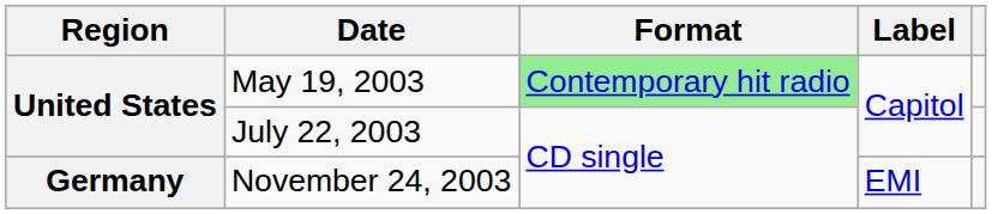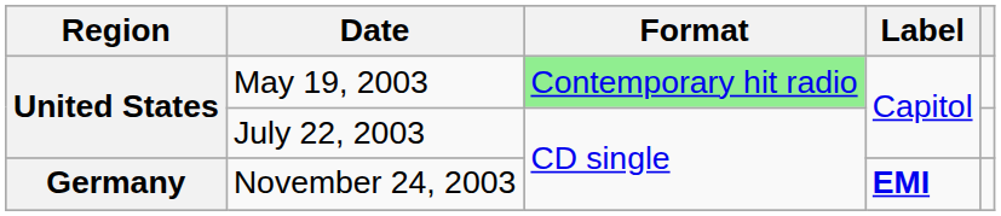 <table class="wikitable plainrowheaders">
 <tr>
 <th scope="col">Region</th>
 <th scope="col">Date</th>
 <th scope="col">Format</th>
 <th scope="col">Label</th>
 <th scope="col"></th>
 </tr>
 <tr>
 <th scope="row" rowspan="2">United States</th>
 <td>May 19, 2003</td>
 <td style="background: lightgreen;"><a href='#'>Contemporary hit radio</a></td>
 <td rowspan="2"><a href='#'>Capitol</a></td>
 <td></td>
 </tr>
 <tr>
 <td>July 22, 2003</td>
 <td rowspan="2"><a href='#'>CD single</a></td>
 <td></td>
 </tr>
 <tr>
 <th scope="row">Germany</th>
 <td>November 24, 2003</td>
-<td><a href='#'>EMI</a></td>
+<td><strong><a href='#'>EMI</a></strong></td>
 <td></td>
 </tr>
 </table>
